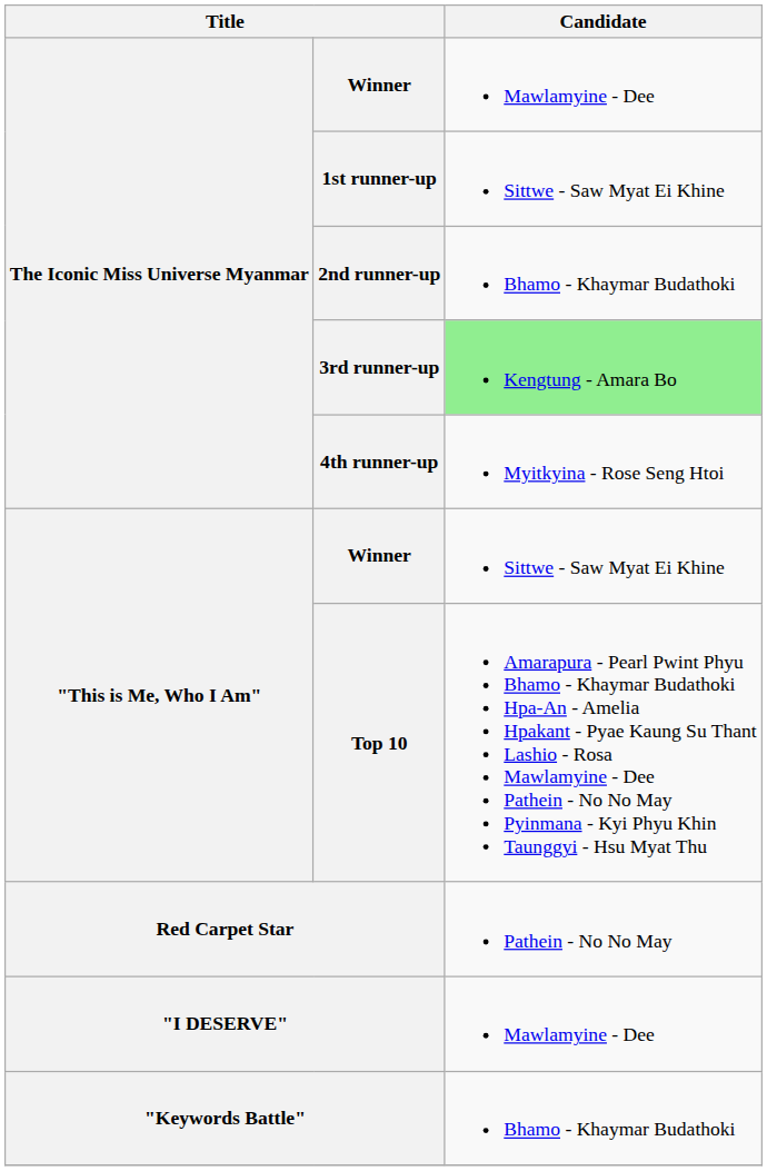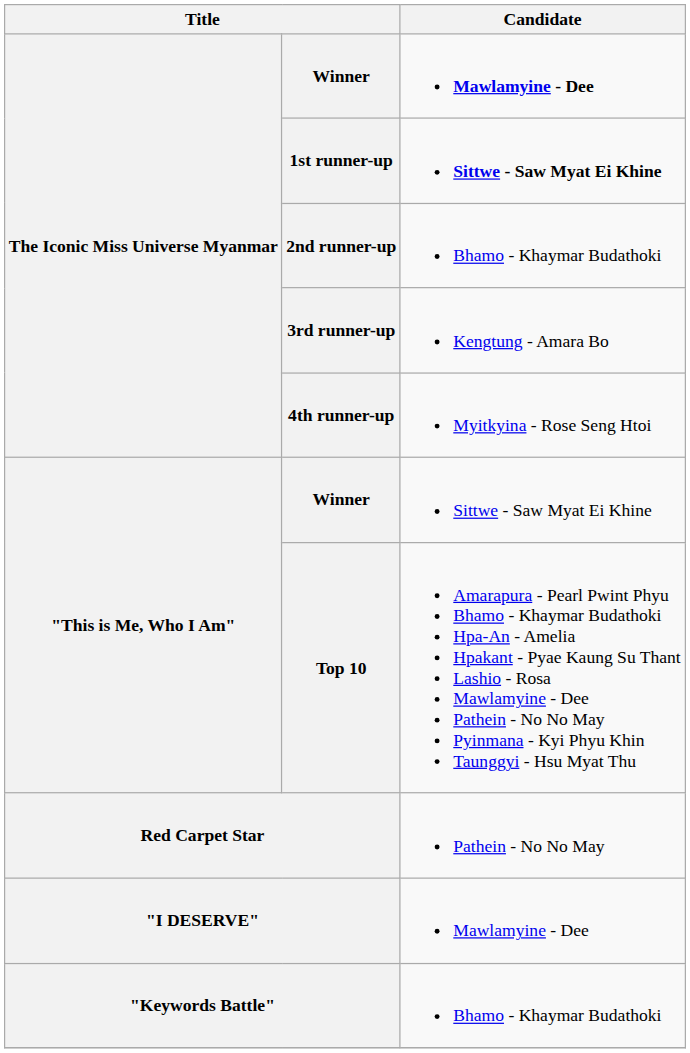 <table class="wikitable" style="font-size: 90%";>
 <tr>
 <th colspan=2>Title</th>
 <th>Candidate</th>
 </tr>
 <tr>
 <th rowspan=5>The Iconic Miss Universe Myanmar</th>
 <th>Winner</th>
-<td><br><ul><li> <a href='#'>Mawlamyine</a> - Dee</li></ul></td>
+<td><strong><br><ul><li> <a href='#'>Mawlamyine</a> - Dee</li></ul></strong></td>
 </tr>
 <tr>
 <th>1st runner-up</th>
-<td><br><ul><li> <a href='#'>Sittwe</a> - Saw Myat Ei Khine</li></ul></td>
+<td><strong><br><ul><li> <a href='#'>Sittwe</a> - Saw Myat Ei Khine</li></ul></strong></td>
 </tr>
 <tr>
 <th>2nd runner-up</th>
 <td><br><ul><li> <a href='#'>Bhamo</a> - Khaymar Budathoki</li></ul></td>
 </tr>
 <tr>
 <th>3rd runner-up</th>
-<td style="background: lightgreen;"><br><ul><li> <a href='#'>Kengtung</a> - Amara Bo</li></ul></td>
+<td><br><ul><li> <a href='#'>Kengtung</a> - Amara Bo</li></ul></td>
 </tr>
 <tr>
 <th>4th runner-up</th>
 <td><br><ul><li> <a href='#'>Myitkyina</a> - Rose Seng Htoi</li></ul></td>
 </tr>
 <tr>
 <th rowspan=2>"This is Me, Who I Am"</th>
 <th>Winner</th>
 <td><br><ul><li> <a href='#'>Sittwe</a> - Saw Myat Ei Khine</li></ul></td>
 </tr>
 <tr>
 <th>Top 10</th>
 <td><br><ul><li> <a href='#'>Amarapura</a> - Pearl Pwint Phyu</li><li> <a href='#'>Bhamo</a> - Khaymar Budathoki</li><li> <a href='#'>Hpa-An</a> - Amelia</li><li> <a href='#'>Hpakant</a> - Pyae Kaung Su Thant</li><li> <a href='#'>Lashio</a> - Rosa</li><li> <a href='#'>Mawlamyine</a> - Dee</li><li> <a href='#'>Pathein</a> - No No May</li><li> <a href='#'>Pyinmana</a> - Kyi Phyu Khin</li><li> <a href='#'>Taunggyi</a> - Hsu Myat Thu</li></ul></td>
 </tr>
 <tr>
 <th colspan=2>Red Carpet Star</th>
 <td><br><ul><li> <a href='#'>Pathein</a> - No No May</li></ul></td>
 </tr>
 <tr>
 <th colspan=2>"I DESERVE"</th>
 <td><br><ul><li> <a href='#'>Mawlamyine</a> - Dee</li></ul></td>
 </tr>
 <tr>
 <th colspan=2>"Keywords Battle"</th>
 <td><br><ul><li> <a href='#'>Bhamo</a> - Khaymar Budathoki</li></ul></td>
 </tr>
 <tr>
 </tr>
 </table>
